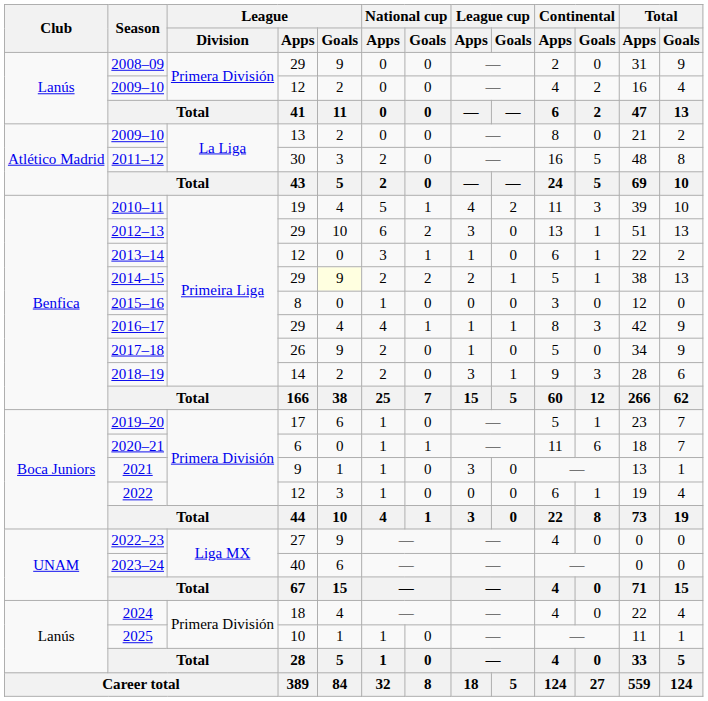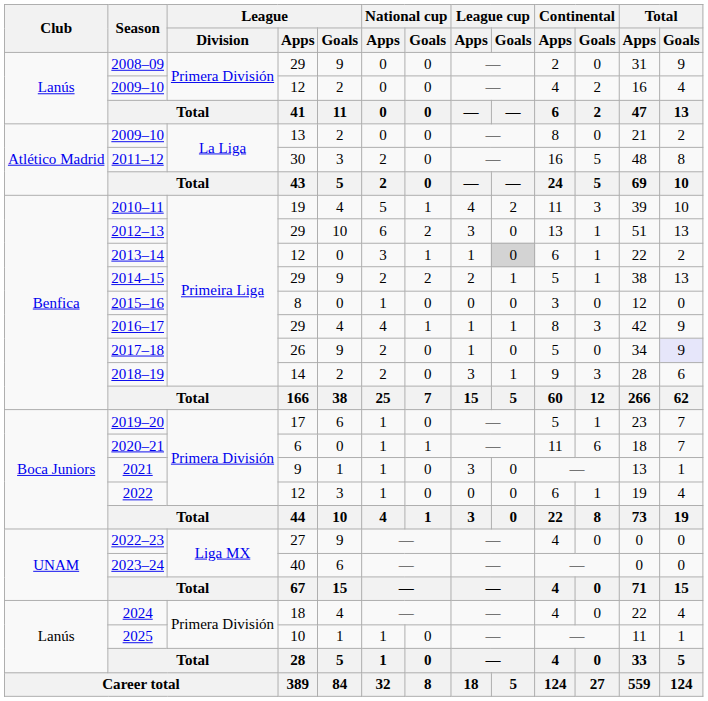 <table class="wikitable" style="text-align:center">
 <tr>
 <th rowspan="2">Club</th>
 <th rowspan="2">Season</th>
 <th colspan="3">League</th>
 <th colspan="2">National cup</th>
 <th colspan="2">League cup</th>
 <th colspan="2">Continental</th>
 <th colspan="2">Total</th>
 </tr>
 <tr>
 <th>Division</th>
 <th>Apps</th>
 <th>Goals</th>
 <th>Apps</th>
 <th>Goals</th>
 <th>Apps</th>
 <th>Goals</th>
 <th>Apps</th>
 <th>Goals</th>
 <th>Apps</th>
 <th>Goals</th>
 </tr>
 <tr>
 <td rowspan="3"><a href='#'>Lanús</a></td>
 <td><a href='#'>2008–09</a></td>
 <td rowspan="2"><a href='#'>Primera División</a></td>
 <td>29</td>
 <td>9</td>
 <td>0</td>
 <td>0</td>
 <td colspan="2">—</td>
 <td>2</td>
 <td>0</td>
 <td>31</td>
 <td>9</td>
 </tr>
 <tr>
 <td><a href='#'>2009–10</a></td>
 <td>12</td>
 <td>2</td>
 <td>0</td>
 <td>0</td>
 <td colspan="2">—</td>
 <td>4</td>
 <td>2</td>
 <td>16</td>
 <td>4</td>
 </tr>
 <tr>
 <th colspan="2">Total</th>
 <th>41</th>
 <th>11</th>
 <th>0</th>
 <th>0</th>
 <th>—</th>
 <th>—</th>
 <th>6</th>
 <th>2</th>
 <th>47</th>
 <th>13</th>
 </tr>
 <tr>
 <td rowspan="3"><a href='#'>Atlético Madrid</a></td>
 <td><a href='#'>2009–10</a></td>
 <td rowspan="2"><a href='#'>La Liga</a></td>
 <td>13</td>
 <td>2</td>
 <td>0</td>
 <td>0</td>
 <td colspan="2">—</td>
 <td>8</td>
 <td>0</td>
 <td>21</td>
 <td>2</td>
 </tr>
 <tr>
 <td><a href='#'>2011–12</a></td>
 <td>30</td>
 <td>3</td>
 <td>2</td>
 <td>0</td>
 <td colspan="2">—</td>
 <td>16</td>
 <td>5</td>
 <td>48</td>
 <td>8</td>
 </tr>
 <tr>
 <th colspan="2">Total</th>
 <th>43</th>
 <th>5</th>
 <th>2</th>
 <th>0</th>
 <th>—</th>
 <th>—</th>
 <th>24</th>
 <th>5</th>
 <th>69</th>
 <th>10</th>
 </tr>
 <tr>
 <td rowspan="9"><a href='#'>Benfica</a></td>
 <td><a href='#'>2010–11</a></td>
 <td rowspan="8"><a href='#'>Primeira Liga</a></td>
 <td>19</td>
 <td>4</td>
 <td>5</td>
 <td>1</td>
 <td>4</td>
 <td>2</td>
 <td>11</td>
 <td>3</td>
 <td>39</td>
 <td>10</td>
 </tr>
 <tr>
 <td><a href='#'>2012–13</a></td>
 <td>29</td>
 <td>10</td>
 <td>6</td>
 <td>2</td>
 <td>3</td>
 <td>0</td>
 <td>13</td>
 <td>1</td>
 <td>51</td>
 <td>13</td>
 </tr>
 <tr>
 <td><a href='#'>2013–14</a></td>
 <td>12</td>
 <td>0</td>
 <td>3</td>
 <td>1</td>
 <td>1</td>
-<td>0</td>
+<td style="background: lightgrey;">0</td>
 <td>6</td>
 <td>1</td>
 <td>22</td>
 <td>2</td>
 </tr>
 <tr>
 <td><a href='#'>2014–15</a></td>
 <td>29</td>
-<td style="background: lightyellow;">9</td>
+<td>9</td>
 <td>2</td>
 <td>2</td>
 <td>2</td>
 <td>1</td>
 <td>5</td>
 <td>1</td>
 <td>38</td>
 <td>13</td>
 </tr>
 <tr>
 <td><a href='#'>2015–16</a></td>
 <td>8</td>
 <td>0</td>
 <td>1</td>
 <td>0</td>
 <td>0</td>
 <td>0</td>
 <td>3</td>
 <td>0</td>
 <td>12</td>
 <td>0</td>
 </tr>
 <tr>
 <td><a href='#'>2016–17</a></td>
 <td>29</td>
 <td>4</td>
 <td>4</td>
 <td>1</td>
 <td>1</td>
 <td>1</td>
 <td>8</td>
 <td>3</td>
 <td>42</td>
 <td>9</td>
 </tr>
 <tr>
 <td><a href='#'>2017–18</a></td>
 <td>26</td>
 <td>9</td>
 <td>2</td>
 <td>0</td>
 <td>1</td>
 <td>0</td>
 <td>5</td>
 <td>0</td>
 <td>34</td>
-<td>9</td>
+<td style="background: lavender;">9</td>
 </tr>
 <tr>
 <td><a href='#'>2018–19</a></td>
 <td>14</td>
 <td>2</td>
 <td>2</td>
 <td>0</td>
 <td>3</td>
 <td>1</td>
 <td>9</td>
 <td>3</td>
 <td>28</td>
 <td>6</td>
 </tr>
 <tr>
 <th colspan="2">Total</th>
 <th>166</th>
 <th>38</th>
 <th>25</th>
 <th>7</th>
 <th>15</th>
 <th>5</th>
 <th>60</th>
 <th>12</th>
 <th>266</th>
 <th>62</th>
 </tr>
 <tr>
 <td rowspan="5"><a href='#'>Boca Juniors</a></td>
 <td><a href='#'>2019–20</a></td>
 <td rowspan="4"><a href='#'>Primera División</a></td>
 <td>17</td>
 <td>6</td>
 <td>1</td>
 <td>0</td>
 <td colspan="2">—</td>
 <td>5</td>
 <td>1</td>
 <td>23</td>
 <td>7</td>
 </tr>
 <tr>
 <td><a href='#'>2020–21</a></td>
 <td>6</td>
 <td>0</td>
 <td>1</td>
 <td>1</td>
 <td colspan="2">—</td>
 <td>11</td>
 <td>6</td>
 <td>18</td>
 <td>7</td>
 </tr>
 <tr>
 <td><a href='#'>2021</a></td>
 <td>9</td>
 <td>1</td>
 <td>1</td>
 <td>0</td>
 <td>3</td>
 <td>0</td>
 <td colspan=2>—</td>
 <td>13</td>
 <td>1</td>
 </tr>
 <tr>
 <td><a href='#'>2022</a></td>
 <td>12</td>
 <td>3</td>
 <td>1</td>
 <td>0</td>
 <td>0</td>
 <td>0</td>
 <td>6</td>
 <td>1</td>
 <td>19</td>
 <td>4</td>
 </tr>
 <tr>
 <th colspan="2">Total</th>
 <th>44</th>
 <th>10</th>
 <th>4</th>
 <th>1</th>
 <th>3</th>
 <th>0</th>
 <th>22</th>
 <th>8</th>
 <th>73</th>
 <th>19</th>
 </tr>
 <tr>
 <td rowspan="3"><a href='#'>UNAM</a></td>
 <td><a href='#'>2022–23</a></td>
 <td rowspan="2"><a href='#'>Liga MX</a></td>
 <td>27</td>
 <td>9</td>
 <td colspan=2>—</td>
 <td colspan=2>—</td>
 <td>4</td>
 <td>0</td>
 <td>0</td>
 <td>0</td>
 </tr>
 <tr>
 <td><a href='#'>2023–24</a></td>
 <td>40</td>
 <td>6</td>
 <td colspan=2>—</td>
 <td colspan=2>—</td>
 <td colspan=2>—</td>
 <td>0</td>
 <td>0</td>
 </tr>
 <tr>
 <th colspan="2">Total</th>
 <th>67</th>
 <th>15</th>
 <th colspan=2>—</th>
 <th colspan=2>—</th>
 <th>4</th>
 <th>0</th>
 <th>71</th>
 <th>15</th>
 </tr>
 <tr>
 <td rowspan="3">Lanús</td>
 <td><a href='#'>2024</a></td>
 <td rowspan="2">Primera División</td>
 <td>18</td>
 <td>4</td>
 <td colspan=2>—</td>
 <td colspan=2>—</td>
 <td>4</td>
 <td>0</td>
 <td>22</td>
 <td>4</td>
 </tr>
 <tr>
 <td><a href='#'>2025</a></td>
 <td>10</td>
 <td>1</td>
 <td>1</td>
 <td>0</td>
 <td colspan=2>—</td>
 <td colspan=2>—</td>
 <td>11</td>
 <td>1</td>
 </tr>
 <tr>
 <th colspan="2">Total</th>
 <th>28</th>
 <th>5</th>
 <th>1</th>
 <th>0</th>
 <th colspan=2>—</th>
 <th>4</th>
 <th>0</th>
 <th>33</th>
 <th>5</th>
 </tr>
 <tr>
 <th colspan="3">Career total</th>
 <th>389</th>
 <th>84</th>
 <th>32</th>
 <th>8</th>
 <th>18</th>
 <th>5</th>
 <th>124</th>
 <th>27</th>
 <th>559</th>
 <th>124</th>
 </tr>
 </table>
